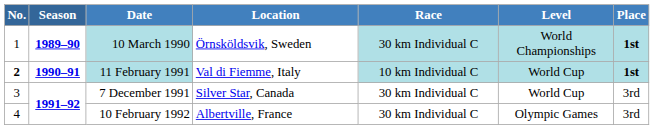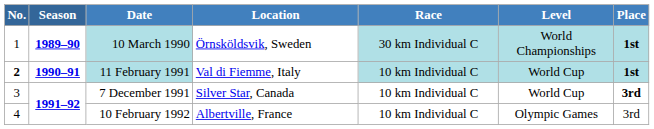 <table class="wikitable sortable" style="font-size:95%; text-align:center; border:grey solid 1px; border-collapse:collapse; background:#ffffff;">
 <tr style="background:#efefef;">
 <th style="background-color:#369; color:white;">No.</th>
 <th style="background-color:#369; color:white;">Season</th>
 <th style="background-color:#4180be; color:white; width:120px;">Date</th>
 <th style="background-color:#4180be; color:white; width:190px;">Location</th>
 <th style="background-color:#4180be; color:white; width:160px;">Race</th>
 <th style="background-color:#4180be; color:white; width:130px;">Level</th>
 <th style="background-color:#4180be; color:white;">Place</th>
 </tr>
 <tr>
 <td align=center>1</td>
 <td rowspan=1 align=center><strong><a href='#'>1989–90</a></strong></td>
 <td bgcolor="#BOEOE6" align=right>10 March 1990</td>
 <td align=left> <a href='#'>Örnsköldsvik</a>, Sweden</td>
 <td bgcolor="#BOEOE6">30 km Individual C</td>
 <td bgcolor="#BOEOE6">World Championships</td>
 <td bgcolor="#BOEOE6"><strong>1st</strong></td>
 </tr>
 <tr>
 <td align=center><strong>2</strong></td>
 <td rowspan=1 align=center><strong><a href='#'>1990–91</a></strong></td>
 <td bgcolor="#BOEOE6" align=right>11 February 1991</td>
 <td align=left> <a href='#'>Val di Fiemme</a>, Italy</td>
 <td bgcolor="#BOEOE6">10 km Individual C</td>
 <td bgcolor="#BOEOE6">World Cup</td>
 <td bgcolor="#BOEOE6"><strong>1st</strong></td>
 </tr>
 <tr>
 <td align=center>3</td>
 <td rowspan=2 align=center><strong> <a href='#'>1991–92</a> </strong></td>
 <td align=right>7 December 1991</td>
 <td align=left> <a href='#'>Silver Star</a>, Canada</td>
-<td>30 km Individual C</td>
+<td>10 km Individual C</td>
 <td>World Cup</td>
-<td>3rd</td>
+<td><strong>3rd</strong></td>
 </tr>
 <tr>
 <td align=center>4</td>
 <td align=right>10 February 1992</td>
 <td align=left> <a href='#'>Albertville</a>, France</td>
-<td>30 km Individual C</td>
+<td>10 km Individual C</td>
 <td>Olympic Games</td>
 <td>3rd</td>
 </tr>
 </table>
